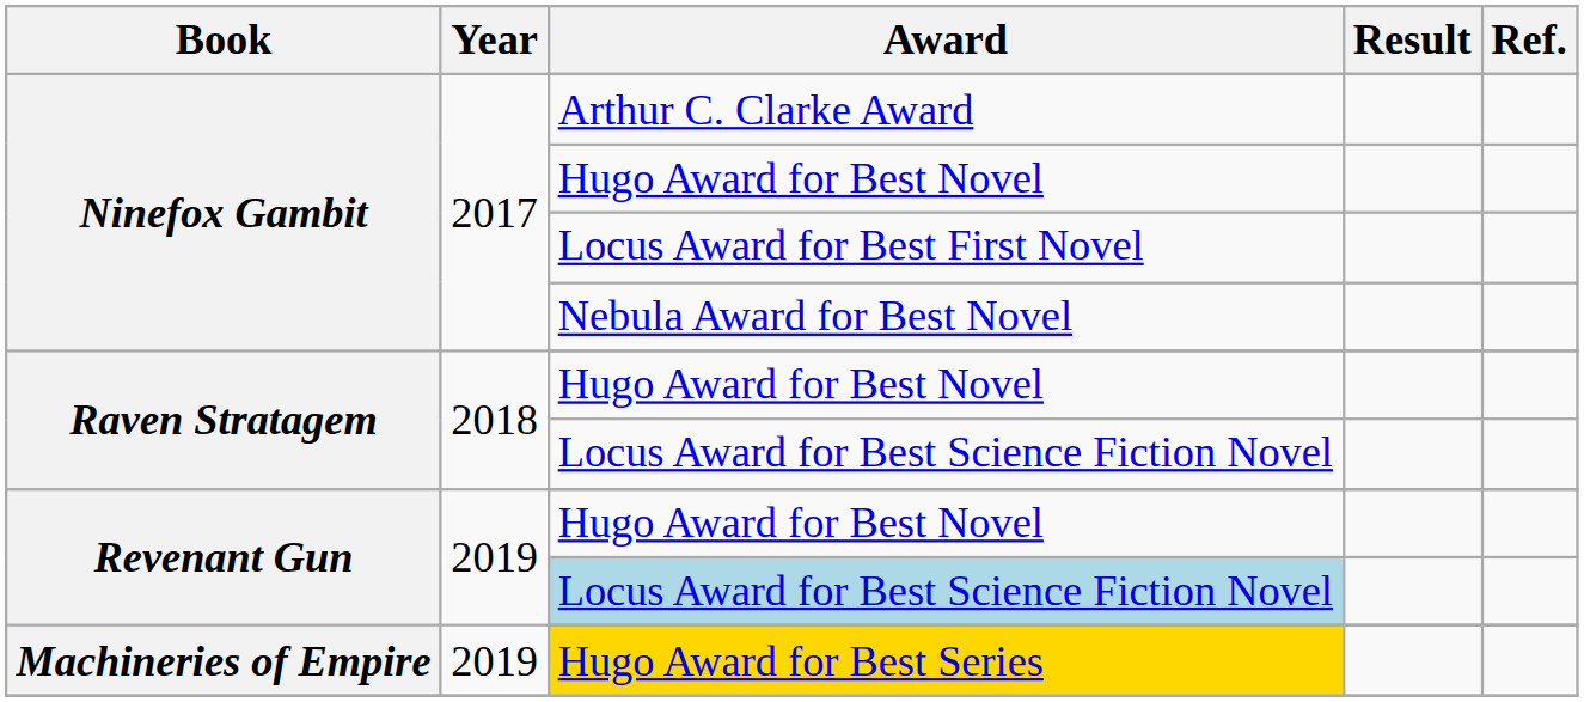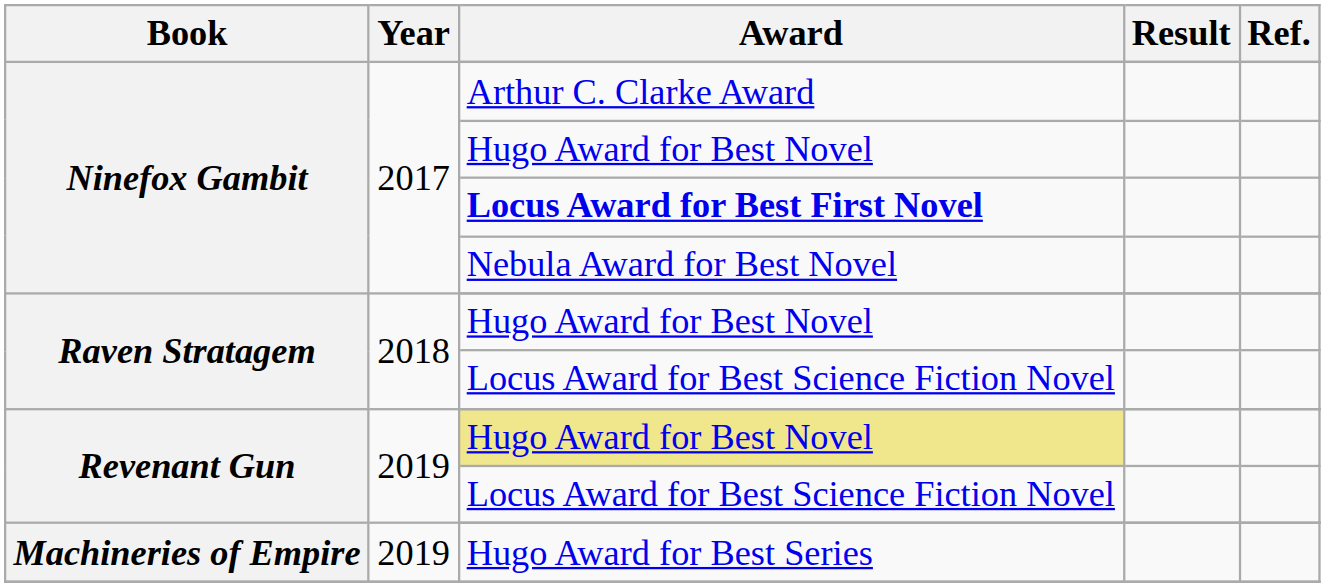 <table class="wikitable sortable">
 <tr>
 <th>Book</th>
 <th>Year</th>
 <th>Award</th>
 <th>Result</th>
 <th>Ref.</th>
 </tr>
 <tr>
 <th rowspan="5"><em>Ninefox Gambit</em></th>
 <td rowspan="5">2017</td>
 </tr>
 <tr>
 <td><a href='#'>Arthur C. Clarke Award</a></td>
 <td></td>
 <td></td>
 </tr>
 <tr>
 <td><a href='#'>Hugo Award for Best Novel</a></td>
 <td></td>
 <td></td>
 </tr>
 <tr>
-<td><a href='#'>Locus Award for Best First Novel</a></td>
+<td><strong><a href='#'>Locus Award for Best First Novel</a></strong></td>
 <td></td>
 <td></td>
 </tr>
 <tr>
 <td><a href='#'>Nebula Award for Best Novel</a></td>
 <td></td>
 <td></td>
 </tr>
 <tr>
 <th rowspan="3"><em>Raven Stratagem</em></th>
 <td rowspan="3">2018</td>
 </tr>
 <tr>
 <td><a href='#'>Hugo Award for Best Novel</a></td>
 <td></td>
 <td></td>
 </tr>
 <tr>
 <td><a href='#'>Locus Award for Best Science Fiction Novel</a></td>
 <td></td>
 <td></td>
 </tr>
 <tr>
 <th rowspan="3"><em>Revenant Gun</em></th>
 <td rowspan="3">2019</td>
 </tr>
 <tr>
-<td><a href='#'>Hugo Award for Best Novel</a></td>
+<td style="background: khaki;"><a href='#'>Hugo Award for Best Novel</a></td>
 <td></td>
 <td></td>
 </tr>
 <tr>
-<td style="background: lightblue;"><a href='#'>Locus Award for Best Science Fiction Novel</a></td>
+<td><a href='#'>Locus Award for Best Science Fiction Novel</a></td>
 <td></td>
 <td></td>
 </tr>
 <tr>
 <th rowspan="2"><em>Machineries of Empire</em></th>
 <td rowspan="2">2019</td>
 </tr>
 <tr>
-<td style="background: gold;"><a href='#'>Hugo Award for Best Series</a></td>
+<td><a href='#'>Hugo Award for Best Series</a></td>
 <td></td>
 <td></td>
 </tr>
 <tr>
 </tr>
 </table>
